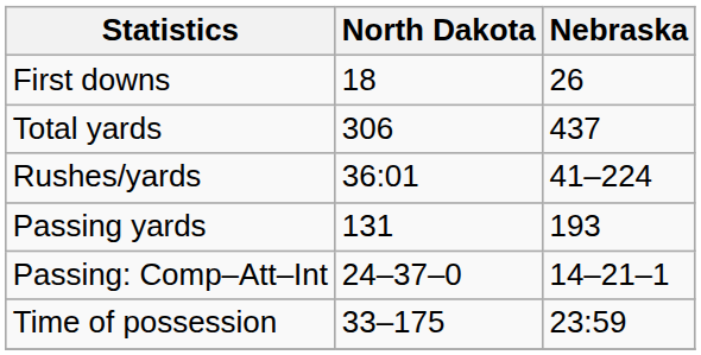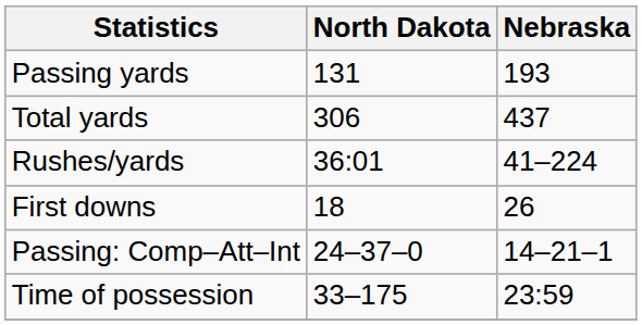 <table class="wikitable" style="float: left;">
 <tr>
 <th>Statistics</th>
 <th>North Dakota</th>
 <th>Nebraska</th>
 </tr>
 <tr>
-<td>First downs</td>
-<td>18</td>
-<td>26</td>
+<td>Passing yards</td>
+<td>131</td>
+<td>193</td>
 </tr>
 <tr>
 <td>Total yards</td>
 <td>306</td>
 <td>437</td>
 </tr>
 <tr>
 <td>Rushes/yards</td>
 <td>36:01</td>
 <td>41–224</td>
 </tr>
 <tr>
-<td>Passing yards</td>
-<td>131</td>
-<td>193</td>
+<td>First downs</td>
+<td>18</td>
+<td>26</td>
 </tr>
 <tr>
 <td>Passing: Comp–Att–Int</td>
 <td>24–37–0</td>
 <td>14–21–1</td>
 </tr>
 <tr>
 <td>Time of possession</td>
 <td>33–175</td>
 <td>23:59</td>
 </tr>
 <tr>
 </tr>
 </table>
